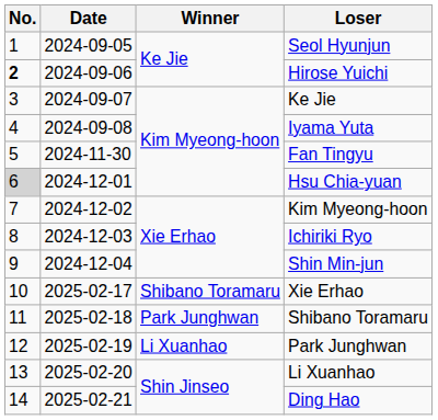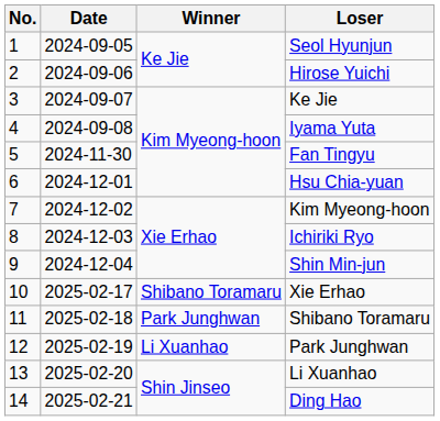 <table class="wikitable">
 <tr>
 <th>No.</th>
 <th>Date</th>
 <th>Winner</th>
 <th>Loser</th>
 </tr>
 <tr>
 <td>1</td>
 <td>2024-09-05</td>
 <td rowspan=2> <a href='#'>Ke Jie</a></td>
 <td> <a href='#'>Seol Hyunjun</a></td>
 </tr>
 <tr>
-<td><strong>2</strong></td>
+<td>2</td>
 <td>2024-09-06</td>
 <td> <a href='#'>Hirose Yuichi</a></td>
 </tr>
 <tr>
 <td>3</td>
 <td>2024-09-07</td>
 <td rowspan=4> <a href='#'>Kim Myeong-hoon</a></td>
 <td> Ke Jie</td>
 </tr>
 <tr>
 <td>4</td>
 <td>2024-09-08</td>
 <td> <a href='#'>Iyama Yuta</a></td>
 </tr>
 <tr>
 <td>5</td>
 <td>2024-11-30</td>
 <td> <a href='#'>Fan Tingyu</a></td>
 </tr>
 <tr>
-<td style="background: lightgrey;">6</td>
+<td>6</td>
 <td>2024-12-01</td>
 <td> <a href='#'>Hsu Chia-yuan</a></td>
 </tr>
 <tr>
 <td>7</td>
 <td>2024-12-02</td>
 <td rowspan=3> <a href='#'>Xie Erhao</a></td>
 <td> Kim Myeong-hoon</td>
 </tr>
 <tr>
 <td>8</td>
 <td>2024-12-03</td>
 <td> <a href='#'>Ichiriki Ryo</a></td>
 </tr>
 <tr>
 <td>9</td>
 <td>2024-12-04</td>
 <td> <a href='#'>Shin Min-jun</a></td>
 </tr>
 <tr>
 <td>10</td>
 <td>2025-02-17</td>
 <td> <a href='#'>Shibano Toramaru</a></td>
 <td> Xie Erhao</td>
 </tr>
 <tr>
 <td>11</td>
 <td>2025-02-18</td>
 <td> <a href='#'>Park Junghwan</a></td>
 <td> Shibano Toramaru</td>
 </tr>
 <tr>
 <td>12</td>
 <td>2025-02-19</td>
 <td> <a href='#'>Li Xuanhao</a></td>
 <td> Park Junghwan</td>
 </tr>
 <tr>
 <td>13</td>
 <td>2025-02-20</td>
 <td rowspan=2> <a href='#'>Shin Jinseo</a></td>
 <td> Li Xuanhao</td>
 </tr>
 <tr>
 <td>14</td>
 <td>2025-02-21</td>
 <td> <a href='#'>Ding Hao</a></td>
 </tr>
 </table>
